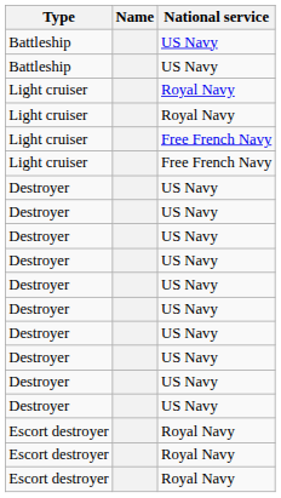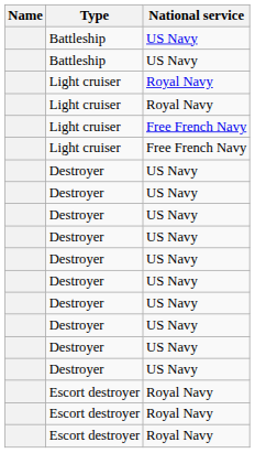 <table class="wikitable plainrowheaders sortable">
 <tr>
+<th scope="col">Name</th>
 <th scope="col">Type</th>
-<th scope="col">Name</th>
 <th scope="col">National service</th>
 </tr>
 <tr>
+<th scope="row"></th>
 <td>Battleship</td>
-<th scope="row"></th>
 <td><a href='#'>US Navy</a></td>
 </tr>
 <tr>
+<th scope="row"></th>
 <td>Battleship</td>
-<th scope="row"></th>
 <td>US Navy</td>
 </tr>
 <tr>
+<th scope="row"></th>
 <td>Light cruiser</td>
-<th scope="row"></th>
 <td><a href='#'>Royal Navy</a></td>
 </tr>
 <tr>
+<th scope="row"></th>
 <td>Light cruiser</td>
-<th scope="row"></th>
 <td>Royal Navy</td>
 </tr>
 <tr>
+<th scope="row"></th>
 <td>Light cruiser</td>
-<th scope="row"></th>
 <td><a href='#'>Free French Navy</a></td>
 </tr>
 <tr>
+<th scope="row"></th>
 <td>Light cruiser</td>
-<th scope="row"></th>
 <td>Free French Navy</td>
 </tr>
 <tr>
+<th scope="row"></th>
 <td>Destroyer</td>
-<th scope="row"></th>
 <td>US Navy</td>
 </tr>
 <tr>
+<th scope="row"></th>
 <td>Destroyer</td>
-<th scope="row"></th>
 <td>US Navy</td>
 </tr>
 <tr>
+<th scope="row"></th>
 <td>Destroyer</td>
-<th scope="row"></th>
 <td>US Navy</td>
 </tr>
 <tr>
+<th scope="row"></th>
 <td>Destroyer</td>
-<th scope="row"></th>
 <td>US Navy</td>
 </tr>
 <tr>
+<th scope="row"></th>
 <td>Destroyer</td>
-<th scope="row"></th>
 <td>US Navy</td>
 </tr>
 <tr>
+<th scope="row"></th>
 <td>Destroyer</td>
-<th scope="row"></th>
 <td>US Navy</td>
 </tr>
 <tr>
+<th scope="row"></th>
 <td>Destroyer</td>
-<th scope="row"></th>
 <td>US Navy</td>
 </tr>
 <tr>
+<th scope="row"></th>
 <td>Destroyer</td>
-<th scope="row"></th>
 <td>US Navy</td>
 </tr>
 <tr>
+<th scope="row"></th>
 <td>Destroyer</td>
-<th scope="row"></th>
 <td>US Navy</td>
 </tr>
 <tr>
+<th scope="row"></th>
 <td>Destroyer</td>
-<th scope="row"></th>
 <td>US Navy</td>
 </tr>
 <tr>
+<th scope="row"></th>
 <td>Escort destroyer</td>
-<th scope="row"></th>
 <td>Royal Navy</td>
 </tr>
 <tr>
+<th scope="row"></th>
 <td>Escort destroyer</td>
-<th scope="row"></th>
 <td>Royal Navy</td>
 </tr>
 <tr>
+<th scope="row"></th>
 <td>Escort destroyer</td>
-<th scope="row"></th>
 <td>Royal Navy</td>
 </tr>
 </table>
